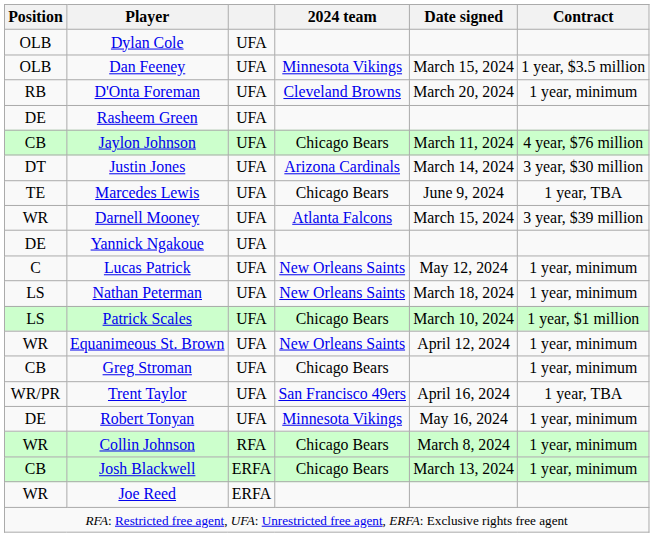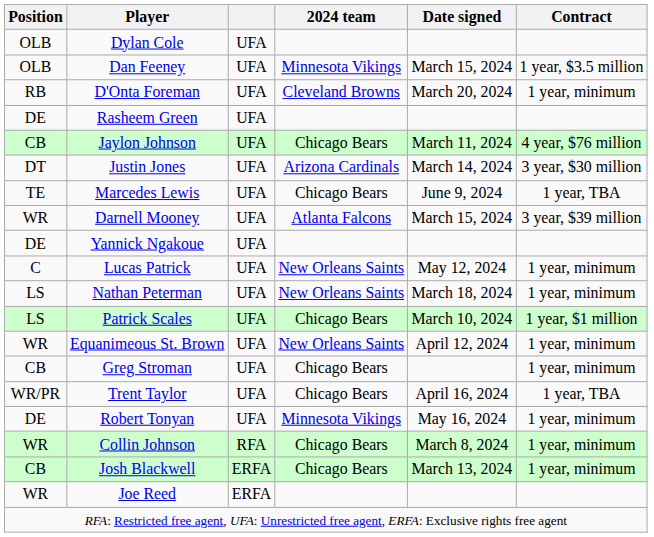 <table class="wikitable sortable" style="text-align:center">
 <tr>
 <th>Position</th>
 <th>Player</th>
 <th></th>
 <th>2024 team</th>
 <th>Date signed</th>
 <th>Contract</th>
 </tr>
 <tr>
 <td>OLB</td>
 <td><a href='#'>Dylan Cole</a></td>
 <td>UFA</td>
 <td></td>
 <td></td>
 <td></td>
 </tr>
 <tr>
 <td>OLB</td>
 <td><a href='#'>Dan Feeney</a></td>
 <td>UFA</td>
 <td><a href='#'>Minnesota Vikings</a></td>
 <td>March 15, 2024</td>
 <td>1 year, $3.5 million</td>
 </tr>
 <tr>
 <td>RB</td>
 <td><a href='#'>D'Onta Foreman</a></td>
 <td>UFA</td>
 <td><a href='#'>Cleveland Browns</a></td>
 <td>March 20, 2024</td>
 <td>1 year, minimum</td>
 </tr>
 <tr>
 <td>DE</td>
 <td><a href='#'>Rasheem Green</a></td>
 <td>UFA</td>
 <td></td>
 <td></td>
 <td></td>
 </tr>
 <tr style="background:#cfc;color:black;">
 <td>CB</td>
 <td><a href='#'>Jaylon Johnson</a></td>
 <td>UFA</td>
 <td>Chicago Bears</td>
 <td>March 11, 2024</td>
 <td>4 year, $76 million</td>
 </tr>
 <tr>
 <td>DT</td>
 <td><a href='#'>Justin Jones</a></td>
 <td>UFA</td>
 <td><a href='#'>Arizona Cardinals</a></td>
 <td>March 14, 2024</td>
 <td>3 year, $30 million</td>
 </tr>
 <tr>
 <td>TE</td>
 <td><a href='#'>Marcedes Lewis</a></td>
 <td>UFA</td>
 <td>Chicago Bears</td>
 <td>June 9, 2024</td>
 <td>1 year, TBA</td>
 </tr>
 <tr>
 <td>WR</td>
 <td><a href='#'>Darnell Mooney</a></td>
 <td>UFA</td>
 <td><a href='#'>Atlanta Falcons</a></td>
 <td>March 15, 2024</td>
 <td>3 year, $39 million</td>
 </tr>
 <tr>
 <td>DE</td>
 <td><a href='#'>Yannick Ngakoue</a></td>
 <td>UFA</td>
 <td></td>
 <td></td>
 <td></td>
 </tr>
 <tr>
 <td>C</td>
 <td><a href='#'>Lucas Patrick</a></td>
 <td>UFA</td>
 <td><a href='#'>New Orleans Saints</a></td>
 <td>May 12, 2024</td>
 <td>1 year, minimum</td>
 </tr>
 <tr>
 <td>LS</td>
 <td><a href='#'>Nathan Peterman</a></td>
 <td>UFA</td>
 <td><a href='#'>New Orleans Saints</a></td>
 <td>March 18, 2024</td>
 <td>1 year, minimum</td>
 </tr>
 <tr style="background:#cfc;color:black;">
 <td>LS</td>
 <td><a href='#'>Patrick Scales</a></td>
 <td>UFA</td>
 <td>Chicago Bears</td>
 <td>March 10, 2024</td>
 <td>1 year, $1 million</td>
 </tr>
 <tr>
 <td>WR</td>
 <td><a href='#'>Equanimeous St. Brown</a></td>
 <td>UFA</td>
 <td><a href='#'>New Orleans Saints</a></td>
 <td>April 12, 2024</td>
 <td>1 year, minimum</td>
 </tr>
 <tr -style="background:#cfc;color:black;">
 <td>CB</td>
 <td><a href='#'>Greg Stroman</a></td>
 <td>UFA</td>
 <td>Chicago Bears</td>
 <td></td>
 <td>1 year, minimum</td>
 </tr>
 <tr>
 <td>WR/PR</td>
 <td><a href='#'>Trent Taylor</a></td>
 <td>UFA</td>
-<td><a href='#'>San Francisco 49ers</a></td>
+<td>Chicago Bears</td>
 <td>April 16, 2024</td>
 <td>1 year, TBA</td>
 </tr>
 <tr>
 <td>DE</td>
 <td><a href='#'>Robert Tonyan</a></td>
 <td>UFA</td>
 <td><a href='#'>Minnesota Vikings</a></td>
 <td>May 16, 2024</td>
 <td>1 year, minimum</td>
 </tr>
 <tr style="background:#cfc;color:black;">
 <td>WR</td>
 <td><a href='#'>Collin Johnson</a></td>
 <td>RFA</td>
 <td>Chicago Bears</td>
 <td>March 8, 2024</td>
 <td>1 year, minimum</td>
 </tr>
 <tr style="background:#cfc;color:black;">
 <td>CB</td>
 <td><a href='#'>Josh Blackwell</a></td>
 <td>ERFA</td>
 <td>Chicago Bears</td>
 <td>March 13, 2024</td>
 <td>1 year, minimum</td>
 </tr>
 <tr>
 <td>WR</td>
 <td><a href='#'>Joe Reed</a></td>
 <td>ERFA</td>
 <td></td>
 <td></td>
 <td></td>
 </tr>
 <tr>
 <td colspan="6"><small><em>RFA</em>: <a href='#'>Restricted free agent</a>, <em>UFA</em>: <a href='#'>Unrestricted free agent</a>, <em>ERFA</em>: Exclusive rights free agent</small><br></td>
 </tr>
 </table>
